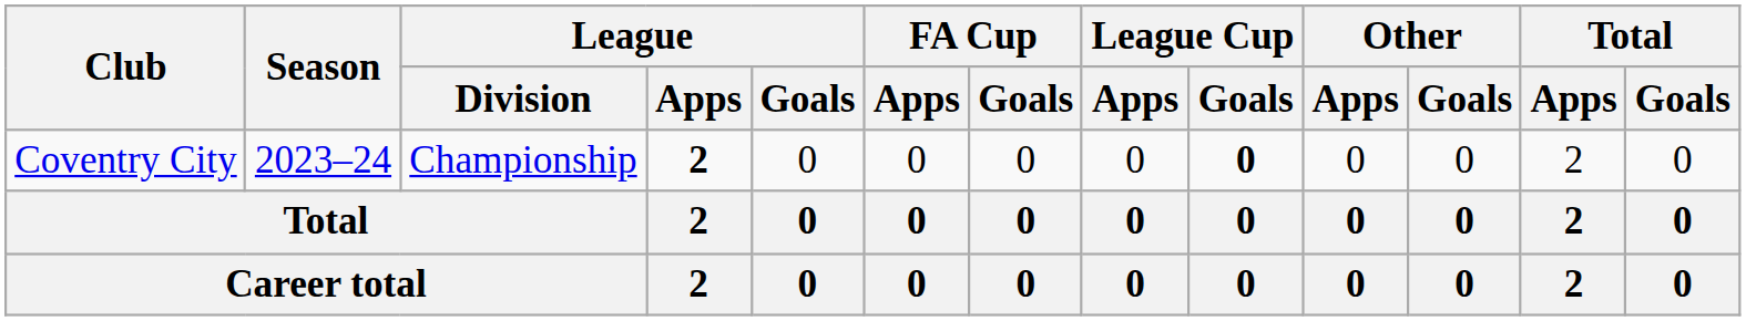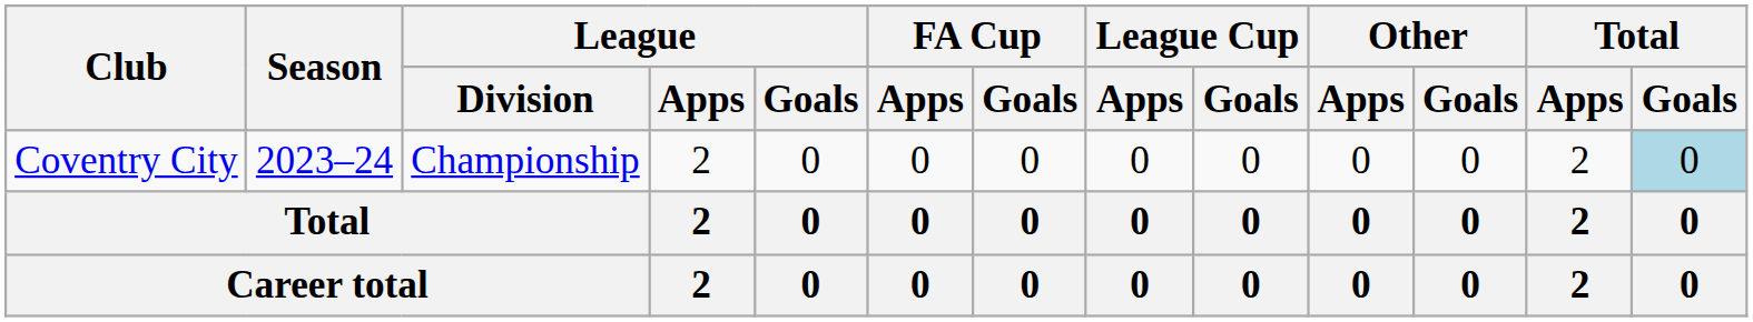 <table class="wikitable" style="text-align: center;">
 <tr>
 <th rowspan="2">Club</th>
 <th rowspan="2">Season</th>
 <th colspan="3">League</th>
 <th colspan="2">FA Cup</th>
 <th colspan="2">League Cup</th>
 <th colspan="2">Other</th>
 <th colspan="2">Total</th>
 </tr>
 <tr>
 <th>Division</th>
 <th>Apps</th>
 <th>Goals</th>
 <th>Apps</th>
 <th>Goals</th>
 <th>Apps</th>
 <th>Goals</th>
 <th>Apps</th>
 <th>Goals</th>
 <th>Apps</th>
 <th>Goals</th>
 </tr>
 <tr oven>
 <td rowspan="1" valign="center"><a href='#'>Coventry City</a></td>
 <td><a href='#'>2023–24</a></td>
 <td><a href='#'>Championship</a></td>
-<td><strong>2</strong></td>
+<td>2</td>
 <td>0</td>
 <td>0</td>
 <td>0</td>
 <td>0</td>
-<td><strong>0</strong></td>
+<td>0</td>
 <td>0</td>
 <td>0</td>
 <td>2</td>
-<td>0</td>
+<td style="background: lightblue;">0</td>
 </tr>
 <tr>
 <th colspan="3">Total</th>
 <th>2</th>
 <th>0</th>
 <th>0</th>
 <th>0</th>
 <th>0</th>
 <th>0</th>
 <th>0</th>
 <th>0</th>
 <th>2</th>
 <th>0</th>
 </tr>
 <tr>
 <th colspan="3">Career total</th>
 <th>2</th>
 <th>0</th>
 <th>0</th>
 <th>0</th>
 <th>0</th>
 <th>0</th>
 <th>0</th>
 <th>0</th>
 <th>2</th>
 <th>0</th>
 </tr>
 </table>
